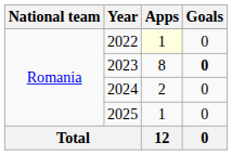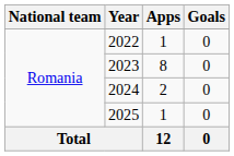 <table class="wikitable" style="text-align: center;">
 <tr>
 <th>National team</th>
 <th>Year</th>
 <th>Apps</th>
 <th>Goals</th>
 </tr>
 <tr>
 <td rowspan="5"><a href='#'>Romania</a></td>
 </tr>
 <tr>
 <td>2022</td>
-<td style="background: lightyellow;">1</td>
+<td>1</td>
 <td>0</td>
 </tr>
 <tr>
 <td>2023</td>
 <td>8</td>
-<td><strong>0</strong></td>
+<td>0</td>
 </tr>
 <tr>
 <td>2024</td>
 <td>2</td>
 <td>0</td>
 </tr>
 <tr>
 <td>2025</td>
 <td>1</td>
 <td>0</td>
 </tr>
 <tr>
 <th colspan="2">Total</th>
 <th>12</th>
 <th>0</th>
 </tr>
 </table>
